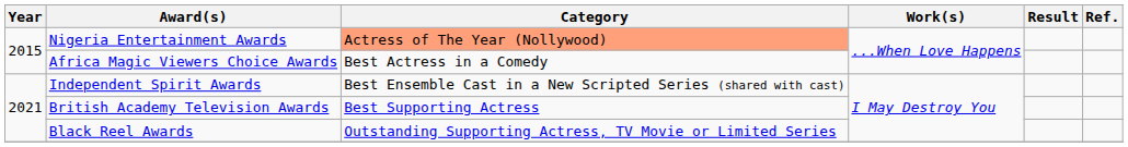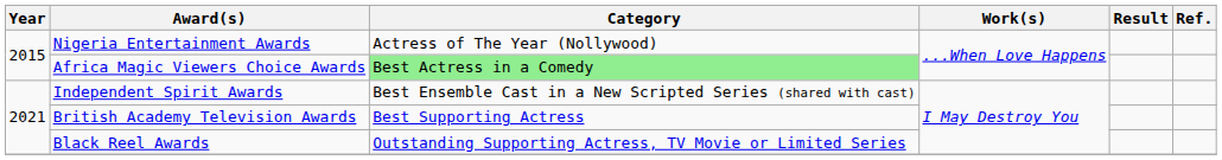 <table class ="wikitable">
 <tr>
 <th>Year</th>
 <th>Award(s)</th>
 <th>Category</th>
 <th>Work(s)</th>
 <th>Result</th>
 <th>Ref.</th>
 </tr>
 <tr>
 <td rowspan="2">2015</td>
 <td><a href='#'>Nigeria Entertainment Awards</a></td>
-<td style="background: lightsalmon;">Actress of The Year (Nollywood)</td>
+<td>Actress of The Year (Nollywood)</td>
 <td rowspan="2"><em><a href='#'>...When Love Happens</a></em></td>
 <td></td>
 <td></td>
 </tr>
 <tr>
 <td><a href='#'>Africa Magic Viewers Choice Awards</a></td>
-<td>Best Actress in a Comedy</td>
+<td style="background: lightgreen;">Best Actress in a Comedy</td>
 <td></td>
 <td></td>
 </tr>
 <tr>
 <td rowspan="3">2021</td>
 <td><a href='#'>Independent Spirit Awards</a></td>
 <td>Best Ensemble Cast in a New Scripted Series <small>(shared with cast)</small></td>
 <td rowspan="3"><em><a href='#'>I May Destroy You</a></em></td>
 <td></td>
 <td></td>
 </tr>
 <tr>
 <td><a href='#'>British Academy Television Awards</a></td>
 <td><a href='#'>Best Supporting Actress</a></td>
 <td></td>
 <td></td>
 </tr>
 <tr>
 <td><a href='#'>Black Reel Awards</a></td>
 <td><a href='#'>Outstanding Supporting Actress, TV Movie or Limited Series</a></td>
 <td></td>
 <td></td>
 </tr>
 <tr>
 </tr>
 </table>
